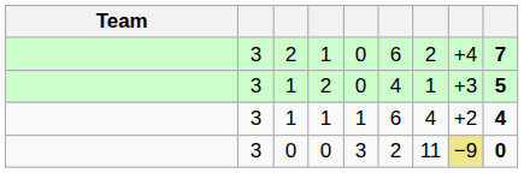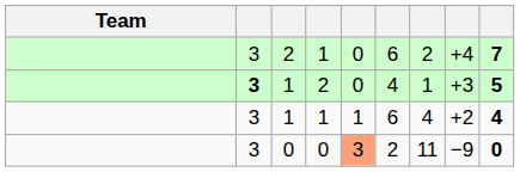 <table class="wikitable" style="text-align:center">
 <tr>
 <th width=175>Team</th>
 <th width=20></th>
 <th width=20></th>
 <th width=20></th>
 <th width=20></th>
 <th width=20></th>
 <th width=20></th>
 <th width=20></th>
 <th width=20></th>
 </tr>
 <tr bgcolor=ccffcc>
 <td align=left></td>
 <td>3</td>
 <td>2</td>
 <td>1</td>
 <td>0</td>
 <td>6</td>
 <td>2</td>
 <td>+4</td>
 <td><strong>7</strong></td>
 </tr>
 <tr bgcolor=ccffcc>
 <td align=left></td>
-<td>3</td>
+<td><strong>3</strong></td>
 <td>1</td>
 <td>2</td>
 <td>0</td>
 <td>4</td>
 <td>1</td>
 <td>+3</td>
 <td><strong>5</strong></td>
 </tr>
 <tr>
 <td align=left></td>
 <td>3</td>
 <td>1</td>
 <td>1</td>
 <td>1</td>
 <td>6</td>
 <td>4</td>
 <td>+2</td>
 <td><strong>4</strong></td>
 </tr>
 <tr>
 <td align=left></td>
 <td>3</td>
 <td>0</td>
 <td>0</td>
-<td>3</td>
+<td style="background: lightsalmon;">3</td>
 <td>2</td>
 <td>11</td>
-<td style="background: khaki;">−9</td>
+<td>−9</td>
 <td><strong>0</strong></td>
 </tr>
 </table>
